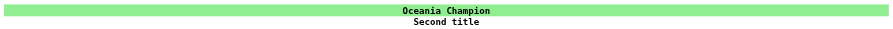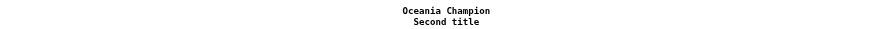 <table cellspacing=0 width=100% style="text-align:center; font-weight:bold;">
 <tr>
 <td></td>
 </tr>
 <tr>
-<td style="background: lightgreen;">Oceania Champion</td>
+<td>Oceania Champion</td>
 </tr>
 <tr>
 <td>Second title</td>
 </tr>
 </table>
